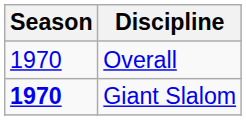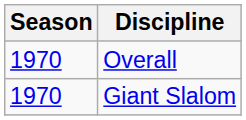 <table class="wikitable">
 <tr>
 <th>Season</th>
 <th>Discipline</th>
 </tr>
 <tr>
 <td><a href='#'>1970</a></td>
 <td><a href='#'>Overall</a></td>
 </tr>
 <tr>
-<td><strong><a href='#'>1970</a></strong></td>
+<td><a href='#'>1970</a></td>
 <td><a href='#'>Giant Slalom</a></td>
 </tr>
 </table>
